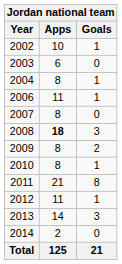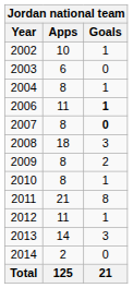 <table class="wikitable" style="text-align:center">
 <tr>
 <th colspan=3>Jordan national team</th>
 </tr>
 <tr>
 <th>Year</th>
 <th>Apps</th>
 <th>Goals</th>
 </tr>
 <tr>
 <td>2002</td>
 <td>10</td>
 <td>1</td>
 </tr>
 <tr>
 <td>2003</td>
 <td>6</td>
 <td>0</td>
 </tr>
 <tr>
 <td>2004</td>
 <td>8</td>
 <td>1</td>
 </tr>
 <tr>
 <td>2006</td>
 <td>11</td>
-<td>1</td>
+<td><strong>1</strong></td>
 </tr>
 <tr>
 <td>2007</td>
 <td>8</td>
-<td>0</td>
+<td><strong>0</strong></td>
 </tr>
 <tr>
 <td>2008</td>
-<td><strong>18</strong></td>
+<td>18</td>
 <td>3</td>
 </tr>
 <tr>
 <td>2009</td>
 <td>8</td>
 <td>2</td>
 </tr>
 <tr>
 <td>2010</td>
 <td>8</td>
 <td>1</td>
 </tr>
 <tr>
 <td>2011</td>
 <td>21</td>
 <td>8</td>
 </tr>
 <tr>
 <td>2012</td>
 <td>11</td>
 <td>1</td>
 </tr>
 <tr>
 <td>2013</td>
 <td>14</td>
 <td>3</td>
 </tr>
 <tr>
 <td>2014</td>
 <td>2</td>
 <td>0</td>
 </tr>
 <tr>
 <th>Total</th>
 <th>125</th>
 <th>21</th>
 </tr>
 </table>
